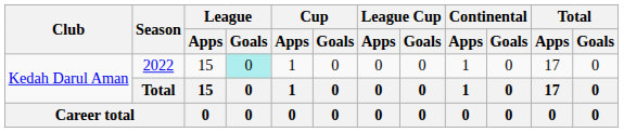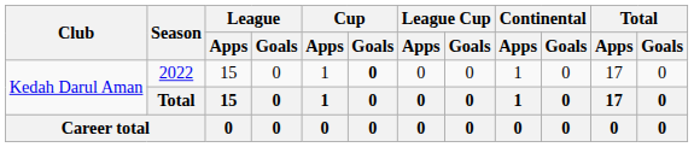 <table class="wikitable" style="text-align: center;">
 <tr>
 <th rowspan="2">Club</th>
 <th rowspan="2">Season</th>
 <th colspan="2">League</th>
 <th colspan="2">Cup</th>
 <th colspan="2">League Cup</th>
 <th colspan="2">Continental</th>
 <th colspan="2">Total</th>
 </tr>
 <tr>
 <th>Apps</th>
 <th>Goals</th>
 <th>Apps</th>
 <th>Goals</th>
 <th>Apps</th>
 <th>Goals</th>
 <th>Apps</th>
 <th>Goals</th>
 <th>Apps</th>
 <th>Goals</th>
 </tr>
 <tr>
 <td rowspan="2" valign="center"><a href='#'>Kedah Darul Aman</a></td>
 <td><a href='#'>2022</a></td>
 <td>15</td>
-<td style="background: paleturquoise;">0</td>
+<td>0</td>
 <td>1</td>
-<td>0</td>
+<td><strong>0</strong></td>
 <td>0</td>
 <td>0</td>
 <td>1</td>
 <td>0</td>
 <td>17</td>
 <td>0</td>
 </tr>
 <tr>
 <th>Total</th>
 <th>15</th>
 <th>0</th>
 <th>1</th>
 <th>0</th>
 <th>0</th>
 <th>0</th>
 <th>1</th>
 <th>0</th>
 <th>17</th>
 <th>0</th>
 </tr>
 <tr>
 <th colspan="2">Career total</th>
 <th>0</th>
 <th>0</th>
 <th>0</th>
 <th>0</th>
 <th>0</th>
 <th>0</th>
 <th>0</th>
 <th>0</th>
 <th>0</th>
 <th>0</th>
 </tr>
 </table>
